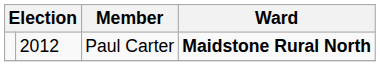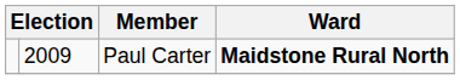 <table class="wikitable">
 <tr>
 <th colspan="2">Election</th>
 <th>Member</th>
 <th>Ward</th>
 </tr>
 <tr>
 <td style="background-color: "></td>
-<td>2012</td>
+<td>2009</td>
 <td>Paul Carter</td>
 <td><strong>Maidstone Rural North</strong></td>
 </tr>
 <tr>
 </tr>
 </table>
